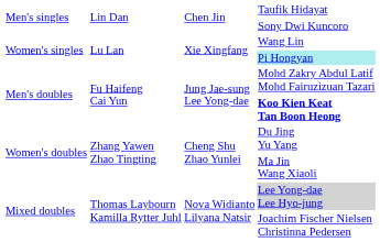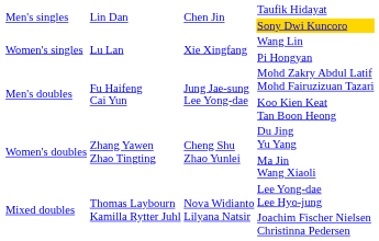 <table>
 <tr>
 <td rowspan=2><a href='#'>Men's singles</a></td>
 <td rowspan=2> <a href='#'>Lin Dan</a></td>
 <td rowspan=2> <a href='#'>Chen Jin</a></td>
 <td> <a href='#'>Taufik Hidayat</a></td>
 </tr>
 <tr>
-<td> <a href='#'>Sony Dwi Kuncoro</a></td>
+<td style="background: gold;"> <a href='#'>Sony Dwi Kuncoro</a></td>
 </tr>
 <tr>
 <td rowspan=2><a href='#'>Women's singles</a></td>
 <td rowspan=2> <a href='#'>Lu Lan</a></td>
 <td rowspan=2> <a href='#'>Xie Xingfang</a></td>
 <td> <a href='#'>Wang Lin</a></td>
 </tr>
 <tr>
-<td style="background: paleturquoise;"> <a href='#'>Pi Hongyan</a></td>
+<td> <a href='#'>Pi Hongyan</a></td>
 </tr>
 <tr>
 <td rowspan=2><a href='#'>Men's doubles</a></td>
 <td rowspan=2> <a href='#'>Fu Haifeng</a><br>  <a href='#'>Cai Yun</a></td>
 <td rowspan=2> <a href='#'>Jung Jae-sung</a><br>  <a href='#'>Lee Yong-dae</a></td>
 <td> <a href='#'>Mohd Zakry Abdul Latif</a><br> <a href='#'>Mohd Fairuzizuan Tazari</a></td>
 </tr>
 <tr>
-<td><strong> <a href='#'>Koo Kien Keat</a><br> <a href='#'>Tan Boon Heong</a></strong></td>
+<td> <a href='#'>Koo Kien Keat</a><br> <a href='#'>Tan Boon Heong</a></td>
 </tr>
 <tr>
 <td rowspan=2><a href='#'>Women's doubles</a></td>
 <td rowspan=2> <a href='#'>Zhang Yawen</a><br> <a href='#'>Zhao Tingting</a></td>
 <td rowspan=2> <a href='#'>Cheng Shu</a><br> <a href='#'>Zhao Yunlei</a></td>
 <td> <a href='#'>Du Jing</a><br> <a href='#'>Yu Yang</a></td>
 </tr>
 <tr>
 <td> <a href='#'>Ma Jin</a><br> <a href='#'>Wang Xiaoli</a></td>
 </tr>
 <tr>
 <td rowspan=2><a href='#'>Mixed doubles</a></td>
 <td rowspan=2> <a href='#'>Thomas Laybourn</a><br> <a href='#'>Kamilla Rytter Juhl</a></td>
 <td rowspan=2> <a href='#'>Nova Widianto</a><br> <a href='#'>Lilyana Natsir</a></td>
-<td style="background: lightgrey;"> <a href='#'>Lee Yong-dae</a><br> <a href='#'>Lee Hyo-jung</a></td>
+<td> <a href='#'>Lee Yong-dae</a><br> <a href='#'>Lee Hyo-jung</a></td>
 </tr>
 <tr>
 <td> <a href='#'>Joachim Fischer Nielsen</a><br> <a href='#'>Christinna Pedersen</a></td>
 </tr>
 </table>
